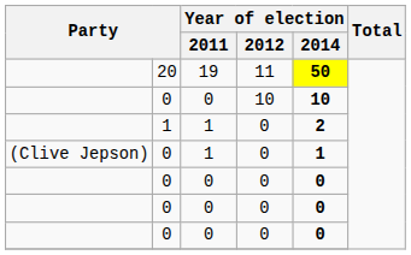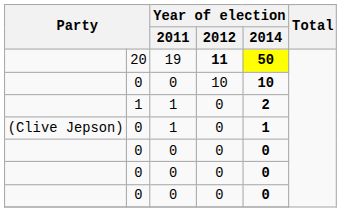 <table class="wikitable" style="text-align:center;">
 <tr>
 <th ! rowspan=2 colspan=2>Party</th>
 <th colspan=3>Year of election</th>
 <th colspan=2 rowspan=2>Total</th>
 </tr>
 <tr>
 <th>2011</th>
 <th>2012</th>
 <th>2014</th>
 </tr>
 <tr>
 <td></td>
 <td>20</td>
 <td>19</td>
-<td>11</td>
+<td><strong>11</strong></td>
 <td bgcolor="yellow"><strong>50</strong></td>
 </tr>
 <tr>
 <td></td>
 <td>0</td>
 <td>0</td>
 <td>10</td>
 <td><strong>10</strong></td>
 </tr>
 <tr>
 <td></td>
 <td>1</td>
 <td>1</td>
 <td>0</td>
 <td><strong>2</strong></td>
 </tr>
 <tr>
 <td> (Clive Jepson)</td>
 <td>0</td>
 <td>1</td>
 <td>0</td>
 <td><strong>1</strong></td>
 </tr>
 <tr>
 <td></td>
 <td>0</td>
 <td>0</td>
 <td>0</td>
 <td><strong>0</strong></td>
 </tr>
 <tr>
 <td></td>
 <td>0</td>
 <td>0</td>
 <td>0</td>
 <td><strong>0</strong></td>
 </tr>
 <tr>
 <td></td>
 <td>0</td>
 <td>0</td>
 <td>0</td>
 <td><strong>0</strong></td>
 </tr>
 <tr>
 </tr>
 </table>
